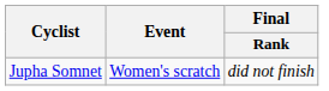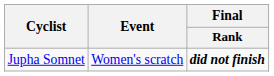 <table class="wikitable" style="font-size:90%">
 <tr>
 <th rowspan=2>Cyclist</th>
 <th rowspan=2>Event</th>
 <th>Final</th>
 </tr>
 <tr style="font-size:95%">
 <th>Rank</th>
 </tr>
 <tr align=center>
 <td align=left><a href='#'>Jupha Somnet</a></td>
 <td align=left><a href='#'>Women's scratch</a></td>
-<td><em>did not finish</em></td>
+<td><strong><em>did not finish</em></strong></td>
 </tr>
 </table>
